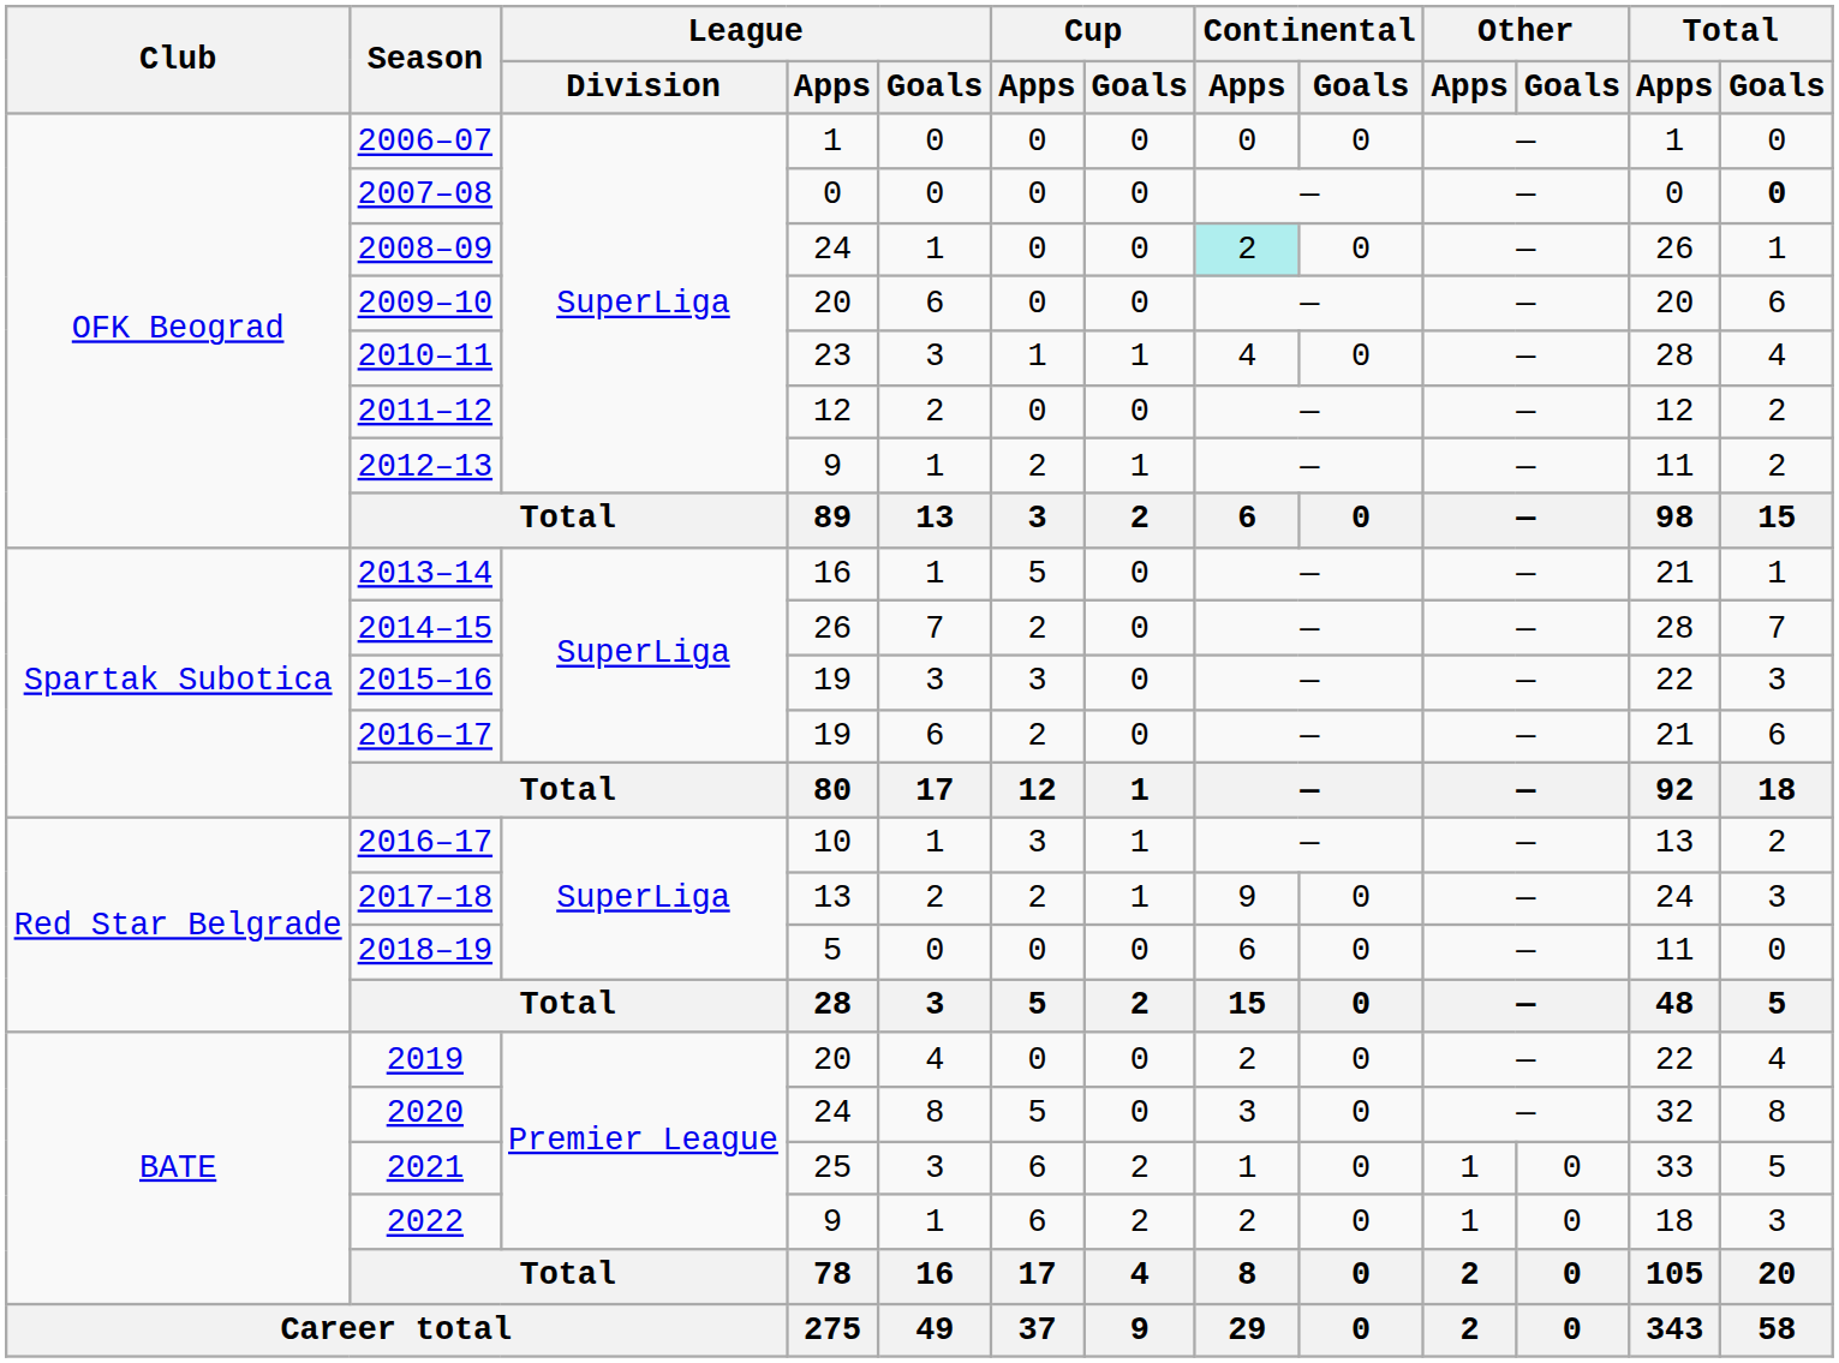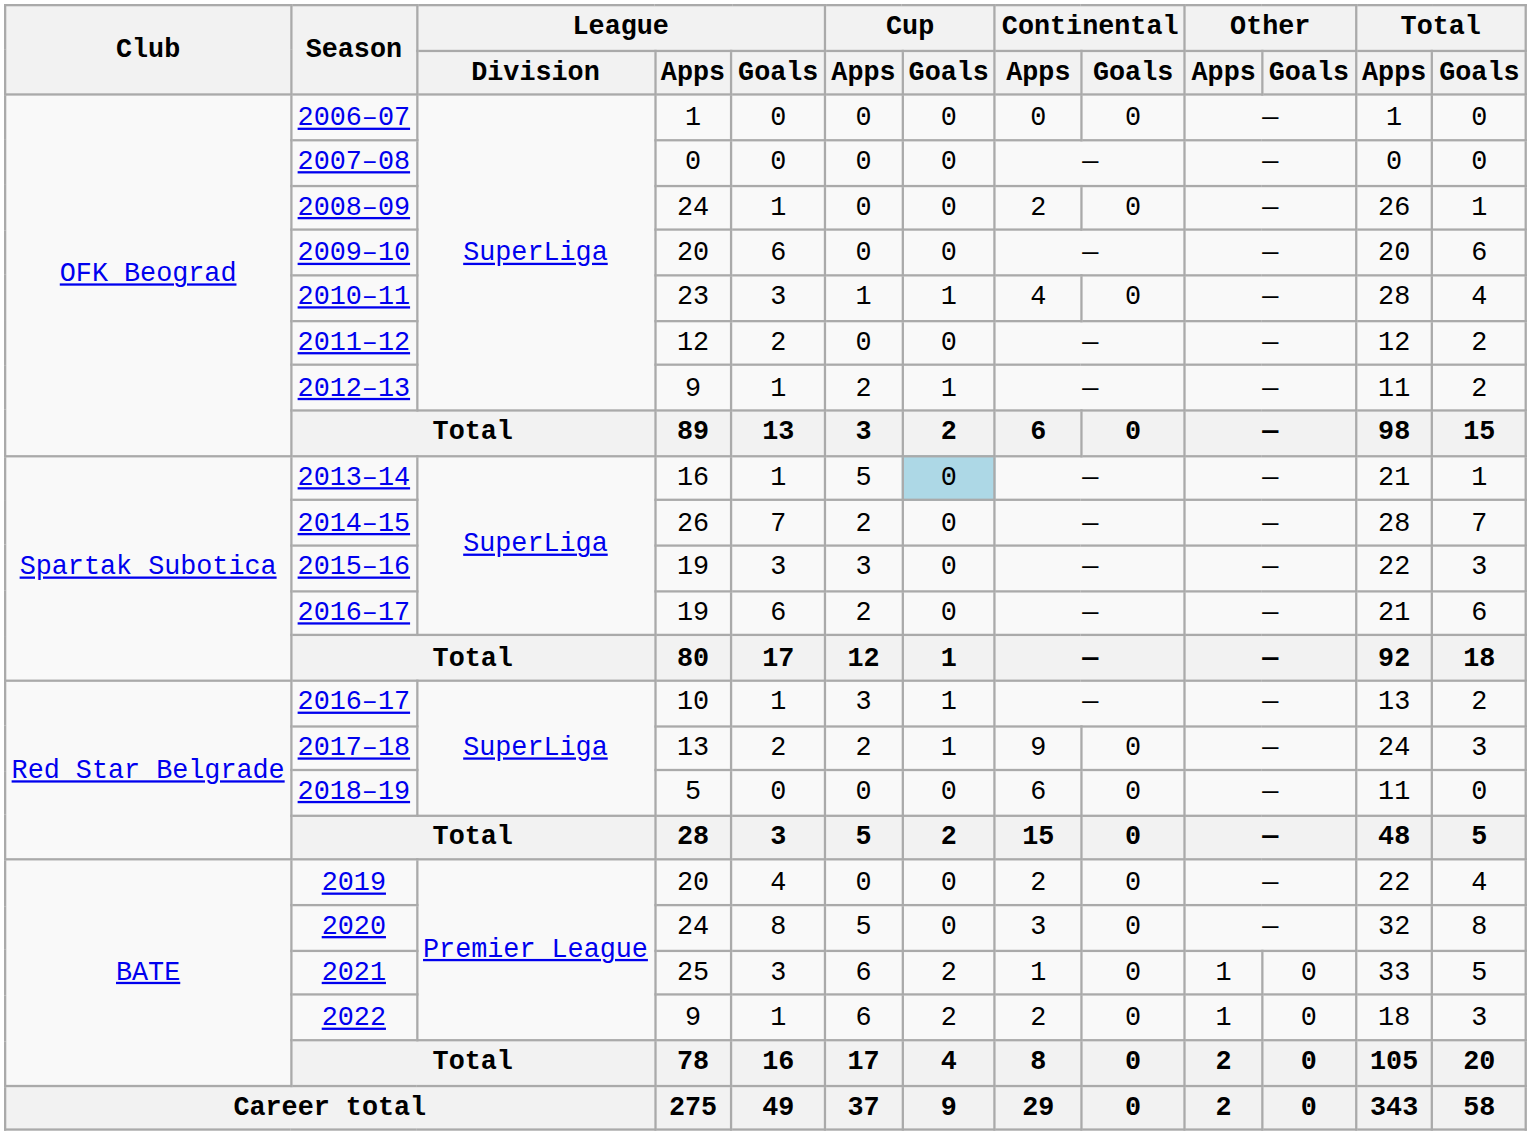 <table class="wikitable" style="text-align: center;font-size:90%">
 <tr>
 <th rowspan="2">Club</th>
 <th rowspan="2">Season</th>
 <th colspan="3">League</th>
 <th colspan="2">Cup</th>
 <th colspan="2">Continental</th>
 <th colspan="2">Other</th>
 <th colspan="2">Total</th>
 </tr>
 <tr>
 <th>Division</th>
 <th>Apps</th>
 <th>Goals</th>
 <th>Apps</th>
 <th>Goals</th>
 <th>Apps</th>
 <th>Goals</th>
 <th>Apps</th>
 <th>Goals</th>
 <th>Apps</th>
 <th>Goals</th>
 </tr>
 <tr>
 <td rowspan="8" valign="center"><a href='#'>OFK Beograd</a></td>
 <td><a href='#'>2006–07</a></td>
 <td rowspan=7><a href='#'>SuperLiga</a></td>
 <td>1</td>
 <td>0</td>
 <td>0</td>
 <td>0</td>
 <td>0</td>
 <td>0</td>
 <td colspan="2">—</td>
 <td>1</td>
 <td>0</td>
 </tr>
 <tr>
 <td><a href='#'>2007–08</a></td>
 <td>0</td>
 <td>0</td>
 <td>0</td>
 <td>0</td>
 <td colspan="2">—</td>
 <td colspan="2">—</td>
 <td>0</td>
-<td><strong>0</strong></td>
+<td>0</td>
 </tr>
 <tr>
 <td><a href='#'>2008–09</a></td>
 <td>24</td>
 <td>1</td>
 <td>0</td>
 <td>0</td>
-<td style="background: paleturquoise;">2</td>
+<td>2</td>
 <td>0</td>
 <td colspan="2">—</td>
 <td>26</td>
 <td>1</td>
 </tr>
 <tr>
 <td><a href='#'>2009–10</a></td>
 <td>20</td>
 <td>6</td>
 <td>0</td>
 <td>0</td>
 <td colspan="2">—</td>
 <td colspan="2">—</td>
 <td>20</td>
 <td>6</td>
 </tr>
 <tr>
 <td><a href='#'>2010–11</a></td>
 <td>23</td>
 <td>3</td>
 <td>1</td>
 <td>1</td>
 <td>4</td>
 <td>0</td>
 <td colspan="2">—</td>
 <td>28</td>
 <td>4</td>
 </tr>
 <tr>
 <td><a href='#'>2011–12</a></td>
 <td>12</td>
 <td>2</td>
 <td>0</td>
 <td>0</td>
 <td colspan="2">—</td>
 <td colspan="2">—</td>
 <td>12</td>
 <td>2</td>
 </tr>
 <tr>
 <td><a href='#'>2012–13</a></td>
 <td>9</td>
 <td>1</td>
 <td>2</td>
 <td>1</td>
 <td colspan="2">—</td>
 <td colspan="2">—</td>
 <td>11</td>
 <td>2</td>
 </tr>
 <tr>
 <th colspan="2">Total</th>
 <th>89</th>
 <th>13</th>
 <th>3</th>
 <th>2</th>
 <th>6</th>
 <th>0</th>
 <th colspan="2">—</th>
 <th>98</th>
 <th>15</th>
 </tr>
 <tr>
 <td rowspan="5" valign="center"><a href='#'>Spartak Subotica</a></td>
 <td><a href='#'>2013–14</a></td>
 <td rowspan=4><a href='#'>SuperLiga</a></td>
 <td>16</td>
 <td>1</td>
 <td>5</td>
-<td>0</td>
+<td style="background: lightblue;">0</td>
 <td colspan="2">—</td>
 <td colspan="2">—</td>
 <td>21</td>
 <td>1</td>
 </tr>
 <tr>
 <td><a href='#'>2014–15</a></td>
 <td>26</td>
 <td>7</td>
 <td>2</td>
 <td>0</td>
 <td colspan="2">—</td>
 <td colspan="2">—</td>
 <td>28</td>
 <td>7</td>
 </tr>
 <tr>
 <td><a href='#'>2015–16</a></td>
 <td>19</td>
 <td>3</td>
 <td>3</td>
 <td>0</td>
 <td colspan="2">—</td>
 <td colspan="2">—</td>
 <td>22</td>
 <td>3</td>
 </tr>
 <tr>
 <td><a href='#'>2016–17</a></td>
 <td>19</td>
 <td>6</td>
 <td>2</td>
 <td>0</td>
 <td colspan="2">—</td>
 <td colspan="2">—</td>
 <td>21</td>
 <td>6</td>
 </tr>
 <tr>
 <th colspan="2">Total</th>
 <th>80</th>
 <th>17</th>
 <th>12</th>
 <th>1</th>
 <th colspan="2">—</th>
 <th colspan="2">—</th>
 <th>92</th>
 <th>18</th>
 </tr>
 <tr>
 <td rowspan="4" valign="center"><a href='#'>Red Star Belgrade</a></td>
 <td><a href='#'>2016–17</a></td>
 <td rowspan=3><a href='#'>SuperLiga</a></td>
 <td>10</td>
 <td>1</td>
 <td>3</td>
 <td>1</td>
 <td colspan="2">—</td>
 <td colspan="2">—</td>
 <td>13</td>
 <td>2</td>
 </tr>
 <tr>
 <td><a href='#'>2017–18</a></td>
 <td>13</td>
 <td>2</td>
 <td>2</td>
 <td>1</td>
 <td>9</td>
 <td>0</td>
 <td colspan="2">—</td>
 <td>24</td>
 <td>3</td>
 </tr>
 <tr>
 <td><a href='#'>2018–19</a></td>
 <td>5</td>
 <td>0</td>
 <td>0</td>
 <td>0</td>
 <td>6</td>
 <td>0</td>
 <td colspan="2">—</td>
 <td>11</td>
 <td>0</td>
 </tr>
 <tr>
 <th colspan="2">Total</th>
 <th>28</th>
 <th>3</th>
 <th>5</th>
 <th>2</th>
 <th>15</th>
 <th>0</th>
 <th colspan="2">—</th>
 <th>48</th>
 <th>5</th>
 </tr>
 <tr>
 <td rowspan="5" valign="center"><a href='#'>BATE</a></td>
 <td><a href='#'>2019</a></td>
 <td rowspan=4><a href='#'>Premier League</a></td>
 <td>20</td>
 <td>4</td>
 <td>0</td>
 <td>0</td>
 <td>2</td>
 <td>0</td>
 <td colspan="2">—</td>
 <td>22</td>
 <td>4</td>
 </tr>
 <tr>
 <td><a href='#'>2020</a></td>
 <td>24</td>
 <td>8</td>
 <td>5</td>
 <td>0</td>
 <td>3</td>
 <td>0</td>
 <td colspan="2">—</td>
 <td>32</td>
 <td>8</td>
 </tr>
 <tr>
 <td><a href='#'>2021</a></td>
 <td>25</td>
 <td>3</td>
 <td>6</td>
 <td>2</td>
 <td>1</td>
 <td>0</td>
 <td>1</td>
 <td>0</td>
 <td>33</td>
 <td>5</td>
 </tr>
 <tr>
 <td><a href='#'>2022</a></td>
 <td>9</td>
 <td>1</td>
 <td>6</td>
 <td>2</td>
 <td>2</td>
 <td>0</td>
 <td>1</td>
 <td>0</td>
 <td>18</td>
 <td>3</td>
 </tr>
 <tr>
 <th colspan="2">Total</th>
 <th>78</th>
 <th>16</th>
 <th>17</th>
 <th>4</th>
 <th>8</th>
 <th>0</th>
 <th>2</th>
 <th>0</th>
 <th>105</th>
 <th>20</th>
 </tr>
 <tr>
 <th colspan="3">Career total</th>
 <th>275</th>
 <th>49</th>
 <th>37</th>
 <th>9</th>
 <th>29</th>
 <th>0</th>
 <th>2</th>
 <th>0</th>
 <th>343</th>
 <th>58</th>
 </tr>
 </table>
